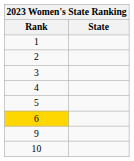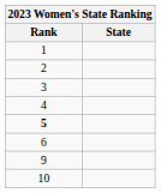 <table class="wikitable" style="text-align:center">
 <tr>
 <th colspan=2>2023 Women's State Ranking</th>
 </tr>
 <tr>
 <th>Rank</th>
 <th>State</th>
 </tr>
 <tr>
 <td>1</td>
 <td align=left></td>
 </tr>
 <tr>
 <td>2</td>
 <td align=left></td>
 </tr>
 <tr>
 <td>3</td>
 <td align=left></td>
 </tr>
 <tr>
 <td>4</td>
 <td align=left></td>
 </tr>
 <tr>
-<td>5</td>
+<td><strong>5</strong></td>
 <td align=left></td>
 </tr>
 <tr>
-<td style="background: gold;">6</td>
+<td>6</td>
 <td align=left></td>
 </tr>
 <tr>
 <td>9</td>
 <td align=left></td>
 </tr>
 <tr>
 <td>10</td>
 <td align=left></td>
 </tr>
 </table>
